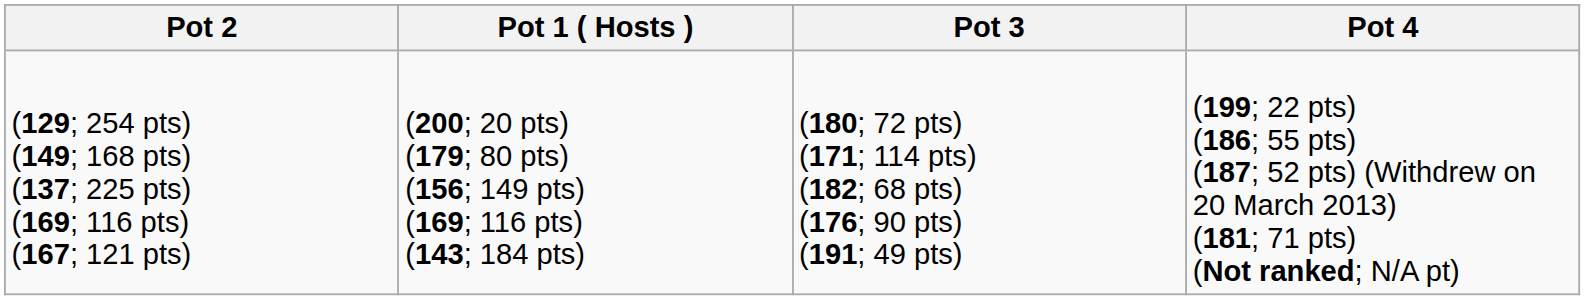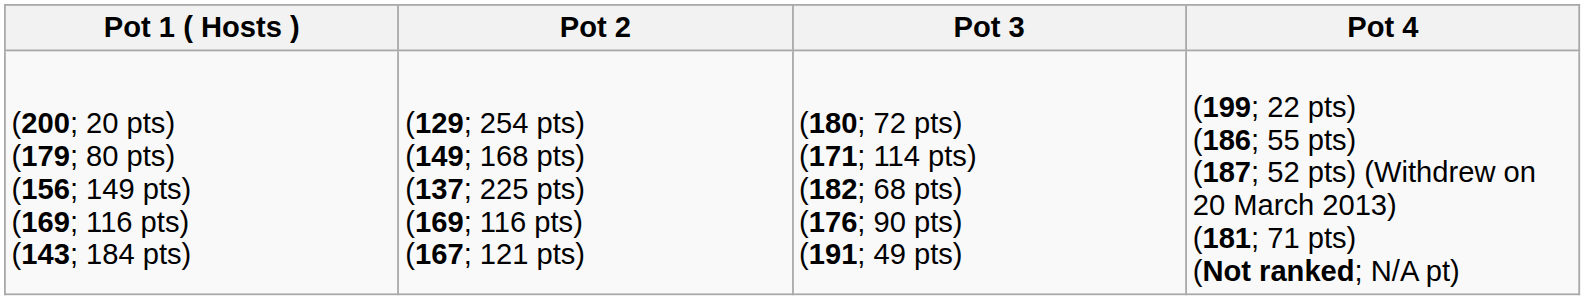 <table class="wikitable" style="width:98%;">
 <tr>
+<th width=25%>Pot 1  ( Hosts )</th>
 <th width=25%>Pot 2</th>
-<th width=25%>Pot 1  ( Hosts )</th>
 <th width=25%>Pot 3</th>
 <th width=25%>Pot 4</th>
 </tr>
 <tr>
+<td><br> (<strong>200</strong>; 20 pts) <br>  (<strong>179</strong>; 80 pts) <br>  (<strong>156</strong>; 149 pts) <br>  (<strong>169</strong>; 116 pts) <br>  (<strong>143</strong>; 184 pts)</td>
 <td><br> (<strong>129</strong>; 254 pts) <br>  (<strong>149</strong>; 168 pts) <br>  (<strong>137</strong>; 225 pts) <br>  (<strong>169</strong>; 116 pts) <br>  (<strong>167</strong>; 121 pts)</td>
-<td><br> (<strong>200</strong>; 20 pts) <br>  (<strong>179</strong>; 80 pts) <br>  (<strong>156</strong>; 149 pts) <br>  (<strong>169</strong>; 116 pts) <br>  (<strong>143</strong>; 184 pts)</td>
 <td><br> (<strong>180</strong>; 72 pts) <br>  (<strong>171</strong>; 114 pts) <br>  (<strong>182</strong>; 68 pts) <br>  (<strong>176</strong>; 90 pts) <br>  (<strong>191</strong>; 49 pts)</td>
 <td><br> (<strong>199</strong>; 22 pts) <br>  (<strong>186</strong>; 55 pts) <br>  (<strong>187</strong>; 52 pts) (Withdrew on 20 March 2013) <br>    (<strong>181</strong>; 71 pts) <br>  (<strong>Not ranked</strong>; N/A pt)</td>
 </tr>
 </table>
